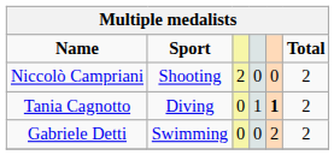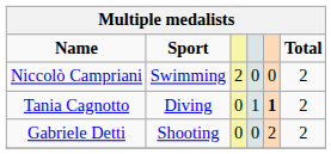 <table class="wikitable" style="font-size:85%; float:right;">
 <tr style="background:#efefef;">
 <th colspan=7>Multiple medalists</th>
 </tr>
 <tr align=center>
 <td><strong>Name</strong></td>
 <td><strong>Sport</strong></td>
 <td style="background:#f7f6a8;"></td>
 <td style="background:#dce5e5;"></td>
 <td style="background:#ffdab9;"></td>
 <td><strong>Total</strong></td>
 </tr>
 <tr align=center>
 <td><a href='#'>Niccolò Campriani</a></td>
-<td><a href='#'>Shooting</a></td>
+<td><a href='#'>Swimming</a></td>
 <td style="background:#f7f6a8;">2</td>
 <td style="background:#dce5e5;">0</td>
 <td style="background:#ffdab9;">0</td>
 <td>2</td>
 </tr>
 <tr align=center>
 <td><a href='#'>Tania Cagnotto</a></td>
 <td><a href='#'>Diving</a></td>
 <td style="background:#f7f6a8;">0</td>
 <td style="background:#dce5e5;">1</td>
 <td style="background:#ffdab9;"><strong>1</strong></td>
 <td>2</td>
 </tr>
 <tr align=center>
 <td><a href='#'>Gabriele Detti</a></td>
-<td><a href='#'>Swimming</a></td>
+<td><a href='#'>Shooting</a></td>
 <td style="background:#f7f6a8;">0</td>
 <td style="background:#dce5e5;">0</td>
 <td style="background:#ffdab9;">2</td>
 <td>2</td>
 </tr>
 <tr align=center>
 </tr>
 </table>
